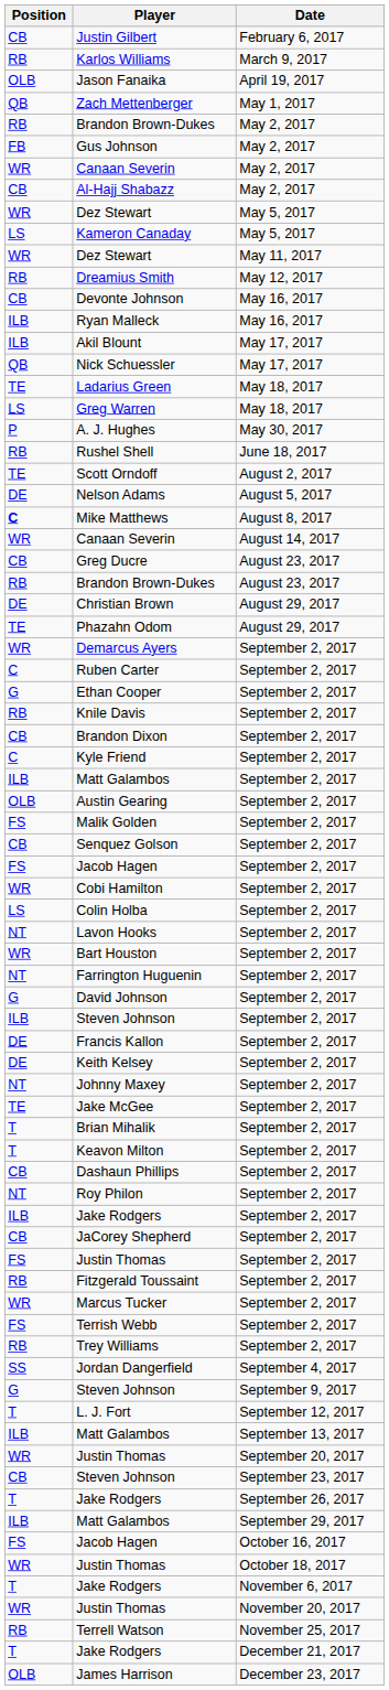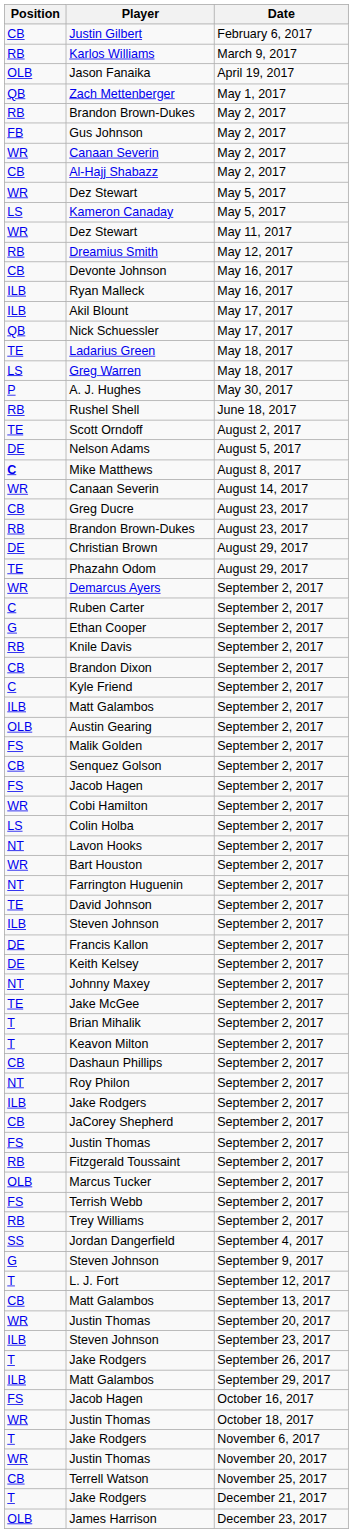 <table class="wikitable" style="width:50%">
 <tr style="text-align:center; background:#ddd">
 <th>Position</th>
 <th>Player</th>
 <th>Date</th>
 </tr>
 <tr>
 <td><a href='#'>CB</a></td>
 <td><a href='#'>Justin Gilbert</a></td>
 <td>February 6, 2017</td>
 </tr>
 <tr>
 <td><a href='#'>RB</a></td>
 <td><a href='#'>Karlos Williams</a></td>
 <td>March 9, 2017</td>
 </tr>
 <tr>
 <td><a href='#'>OLB</a></td>
 <td>Jason Fanaika</td>
 <td>April 19, 2017</td>
 </tr>
 <tr>
 <td><a href='#'>QB</a></td>
 <td><a href='#'>Zach Mettenberger</a></td>
 <td>May 1, 2017</td>
 </tr>
 <tr>
 <td><a href='#'>RB</a></td>
 <td>Brandon Brown-Dukes</td>
 <td>May 2, 2017</td>
 </tr>
 <tr>
 <td><a href='#'>FB</a></td>
 <td>Gus Johnson</td>
 <td>May 2, 2017</td>
 </tr>
 <tr>
 <td><a href='#'>WR</a></td>
 <td><a href='#'>Canaan Severin</a></td>
 <td>May 2, 2017</td>
 </tr>
 <tr>
 <td><a href='#'>CB</a></td>
 <td><a href='#'>Al-Hajj Shabazz</a></td>
 <td>May 2, 2017</td>
 </tr>
 <tr>
 <td><a href='#'>WR</a></td>
 <td>Dez Stewart</td>
 <td>May 5, 2017</td>
 </tr>
 <tr>
 <td><a href='#'>LS</a></td>
 <td><a href='#'>Kameron Canaday</a></td>
 <td>May 5, 2017</td>
 </tr>
 <tr>
 <td><a href='#'>WR</a></td>
 <td>Dez Stewart</td>
 <td>May 11, 2017</td>
 </tr>
 <tr>
 <td><a href='#'>RB</a></td>
 <td><a href='#'>Dreamius Smith</a></td>
 <td>May 12, 2017</td>
 </tr>
 <tr>
 <td><a href='#'>CB</a></td>
 <td>Devonte Johnson</td>
 <td>May 16, 2017</td>
 </tr>
 <tr>
 <td><a href='#'>ILB</a></td>
 <td>Ryan Malleck</td>
 <td>May 16, 2017</td>
 </tr>
 <tr>
 <td><a href='#'>ILB</a></td>
 <td>Akil Blount</td>
 <td>May 17, 2017</td>
 </tr>
 <tr>
 <td><a href='#'>QB</a></td>
 <td>Nick Schuessler</td>
 <td>May 17, 2017</td>
 </tr>
 <tr>
 <td><a href='#'>TE</a></td>
 <td><a href='#'>Ladarius Green</a></td>
 <td>May 18, 2017</td>
 </tr>
 <tr>
 <td><a href='#'>LS</a></td>
 <td><a href='#'>Greg Warren</a></td>
 <td>May 18, 2017</td>
 </tr>
 <tr>
 <td><a href='#'>P</a></td>
 <td>A. J. Hughes</td>
 <td>May 30, 2017</td>
 </tr>
 <tr>
 <td><a href='#'>RB</a></td>
 <td>Rushel Shell</td>
 <td>June 18, 2017</td>
 </tr>
 <tr>
 <td><a href='#'>TE</a></td>
 <td>Scott Orndoff</td>
 <td>August 2, 2017</td>
 </tr>
 <tr>
 <td><a href='#'>DE</a></td>
 <td>Nelson Adams</td>
 <td>August 5, 2017</td>
 </tr>
 <tr>
 <td><strong><a href='#'>C</a></strong></td>
 <td>Mike Matthews</td>
 <td>August 8, 2017</td>
 </tr>
 <tr>
 <td><a href='#'>WR</a></td>
 <td>Canaan Severin</td>
 <td>August 14, 2017</td>
 </tr>
 <tr>
 <td><a href='#'>CB</a></td>
 <td>Greg Ducre</td>
 <td>August 23, 2017</td>
 </tr>
 <tr>
 <td><a href='#'>RB</a></td>
 <td>Brandon Brown-Dukes</td>
 <td>August 23, 2017</td>
 </tr>
 <tr>
 <td><a href='#'>DE</a></td>
 <td>Christian Brown</td>
 <td>August 29, 2017</td>
 </tr>
 <tr>
 <td><a href='#'>TE</a></td>
 <td>Phazahn Odom</td>
 <td>August 29, 2017</td>
 </tr>
 <tr>
 <td><a href='#'>WR</a></td>
 <td><a href='#'>Demarcus Ayers</a></td>
 <td>September 2, 2017</td>
 </tr>
 <tr>
 <td><a href='#'>C</a></td>
 <td>Ruben Carter</td>
 <td>September 2, 2017</td>
 </tr>
 <tr>
 <td><a href='#'>G</a></td>
 <td>Ethan Cooper</td>
 <td>September 2, 2017</td>
 </tr>
 <tr>
 <td><a href='#'>RB</a></td>
 <td>Knile Davis</td>
 <td>September 2, 2017</td>
 </tr>
 <tr>
 <td><a href='#'>CB</a></td>
 <td>Brandon Dixon</td>
 <td>September 2, 2017</td>
 </tr>
 <tr>
 <td><a href='#'>C</a></td>
 <td>Kyle Friend</td>
 <td>September 2, 2017</td>
 </tr>
 <tr>
 <td><a href='#'>ILB</a></td>
 <td>Matt Galambos</td>
 <td>September 2, 2017</td>
 </tr>
 <tr>
 <td><a href='#'>OLB</a></td>
 <td>Austin Gearing</td>
 <td>September 2, 2017</td>
 </tr>
 <tr>
 <td><a href='#'>FS</a></td>
 <td>Malik Golden</td>
 <td>September 2, 2017</td>
 </tr>
 <tr>
 <td><a href='#'>CB</a></td>
 <td>Senquez Golson</td>
 <td>September 2, 2017</td>
 </tr>
 <tr>
 <td><a href='#'>FS</a></td>
 <td>Jacob Hagen</td>
 <td>September 2, 2017</td>
 </tr>
 <tr>
 <td><a href='#'>WR</a></td>
 <td>Cobi Hamilton</td>
 <td>September 2, 2017</td>
 </tr>
 <tr>
 <td><a href='#'>LS</a></td>
 <td>Colin Holba</td>
 <td>September 2, 2017</td>
 </tr>
 <tr>
 <td><a href='#'>NT</a></td>
 <td>Lavon Hooks</td>
 <td>September 2, 2017</td>
 </tr>
 <tr>
 <td><a href='#'>WR</a></td>
 <td>Bart Houston</td>
 <td>September 2, 2017</td>
 </tr>
 <tr>
 <td><a href='#'>NT</a></td>
 <td>Farrington Huguenin</td>
 <td>September 2, 2017</td>
 </tr>
 <tr>
-<td><a href='#'>G</a></td>
+<td><a href='#'>TE</a></td>
 <td>David Johnson</td>
 <td>September 2, 2017</td>
 </tr>
 <tr>
 <td><a href='#'>ILB</a></td>
 <td>Steven Johnson</td>
 <td>September 2, 2017</td>
 </tr>
 <tr>
 <td><a href='#'>DE</a></td>
 <td>Francis Kallon</td>
 <td>September 2, 2017</td>
 </tr>
 <tr>
 <td><a href='#'>DE</a></td>
 <td>Keith Kelsey</td>
 <td>September 2, 2017</td>
 </tr>
 <tr>
 <td><a href='#'>NT</a></td>
 <td>Johnny Maxey</td>
 <td>September 2, 2017</td>
 </tr>
 <tr>
 <td><a href='#'>TE</a></td>
 <td>Jake McGee</td>
 <td>September 2, 2017</td>
 </tr>
 <tr>
 <td><a href='#'>T</a></td>
 <td>Brian Mihalik</td>
 <td>September 2, 2017</td>
 </tr>
 <tr>
 <td><a href='#'>T</a></td>
 <td>Keavon Milton</td>
 <td>September 2, 2017</td>
 </tr>
 <tr>
 <td><a href='#'>CB</a></td>
 <td>Dashaun Phillips</td>
 <td>September 2, 2017</td>
 </tr>
 <tr>
 <td><a href='#'>NT</a></td>
 <td>Roy Philon</td>
 <td>September 2, 2017</td>
 </tr>
 <tr>
 <td><a href='#'>ILB</a></td>
 <td>Jake Rodgers</td>
 <td>September 2, 2017</td>
 </tr>
 <tr>
 <td><a href='#'>CB</a></td>
 <td>JaCorey Shepherd</td>
 <td>September 2, 2017</td>
 </tr>
 <tr>
 <td><a href='#'>FS</a></td>
 <td>Justin Thomas</td>
 <td>September 2, 2017</td>
 </tr>
 <tr>
 <td><a href='#'>RB</a></td>
 <td>Fitzgerald Toussaint</td>
 <td>September 2, 2017</td>
 </tr>
 <tr>
-<td><a href='#'>WR</a></td>
+<td><a href='#'>OLB</a></td>
 <td>Marcus Tucker</td>
 <td>September 2, 2017</td>
 </tr>
 <tr>
 <td><a href='#'>FS</a></td>
 <td>Terrish Webb</td>
 <td>September 2, 2017</td>
 </tr>
 <tr>
 <td><a href='#'>RB</a></td>
 <td>Trey Williams</td>
 <td>September 2, 2017</td>
 </tr>
 <tr>
 <td><a href='#'>SS</a></td>
 <td>Jordan Dangerfield</td>
 <td>September 4, 2017</td>
 </tr>
 <tr>
 <td><a href='#'>G</a></td>
 <td>Steven Johnson</td>
 <td>September 9, 2017</td>
 </tr>
 <tr>
 <td><a href='#'>T</a></td>
 <td>L. J. Fort</td>
 <td>September 12, 2017</td>
 </tr>
 <tr>
-<td><a href='#'>ILB</a></td>
+<td><a href='#'>CB</a></td>
 <td>Matt Galambos</td>
 <td>September 13, 2017</td>
 </tr>
 <tr>
 <td><a href='#'>WR</a></td>
 <td>Justin Thomas</td>
 <td>September 20, 2017</td>
 </tr>
 <tr>
-<td><a href='#'>CB</a></td>
+<td><a href='#'>ILB</a></td>
 <td>Steven Johnson</td>
 <td>September 23, 2017</td>
 </tr>
 <tr>
 <td><a href='#'>T</a></td>
 <td>Jake Rodgers</td>
 <td>September 26, 2017</td>
 </tr>
 <tr>
 <td><a href='#'>ILB</a></td>
 <td>Matt Galambos</td>
 <td>September 29, 2017</td>
 </tr>
 <tr>
 <td><a href='#'>FS</a></td>
 <td>Jacob Hagen</td>
 <td>October 16, 2017</td>
 </tr>
 <tr>
 <td><a href='#'>WR</a></td>
 <td>Justin Thomas</td>
 <td>October 18, 2017</td>
 </tr>
 <tr>
 <td><a href='#'>T</a></td>
 <td>Jake Rodgers</td>
 <td>November 6, 2017</td>
 </tr>
 <tr>
 <td><a href='#'>WR</a></td>
 <td>Justin Thomas</td>
 <td>November 20, 2017</td>
 </tr>
 <tr>
-<td><a href='#'>RB</a></td>
+<td><a href='#'>CB</a></td>
 <td>Terrell Watson</td>
 <td>November 25, 2017</td>
 </tr>
 <tr>
 <td><a href='#'>T</a></td>
 <td>Jake Rodgers</td>
 <td>December 21, 2017</td>
 </tr>
 <tr>
 <td><a href='#'>OLB</a></td>
 <td>James Harrison</td>
 <td>December 23, 2017</td>
 </tr>
 </table>
